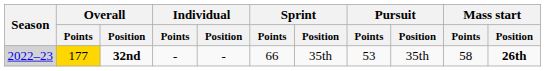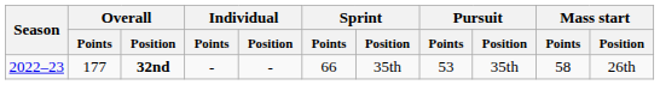 <table class="wikitable" style="text-align:center;" width="75%">
 <tr class="hintergrundfarbe5">
 <th rowspan="2" style="width:4%;">Season</th>
 <th colspan="2">Overall</th>
 <th colspan="2">Individual</th>
 <th colspan="2">Sprint</th>
 <th colspan="2">Pursuit</th>
 <th colspan="2">Mass start</th>
 </tr>
 <tr class="hintergrundfarbe5">
 <th style="width:5%;"><small>Points</small></th>
 <th style="width:5%;"><small>Position</small></th>
 <th style="width:5%;"><small>Points</small></th>
 <th style="width:5%;"><small>Position</small></th>
 <th style="width:5%;"><small>Points</small></th>
 <th style="width:5%;"><small>Position</small></th>
 <th style="width:5%;"><small>Points</small></th>
 <th style="width:5%;"><small>Position</small></th>
 <th style="width:5%;"><small>Points</small></th>
 <th style="width:5%;"><small>Position</small></th>
 </tr>
 <tr>
-<td style="background: lightgrey;"><a href='#'>2022–23</a></td>
-<td style="background: gold;">177</td>
+<td><a href='#'>2022–23</a></td>
+<td>177</td>
 <td><strong>32nd</strong></td>
 <td>-</td>
 <td>-</td>
 <td>66</td>
 <td>35th</td>
 <td>53</td>
 <td>35th</td>
 <td>58</td>
-<td><strong>26th</strong></td>
+<td>26th</td>
 </tr>
 </table>
